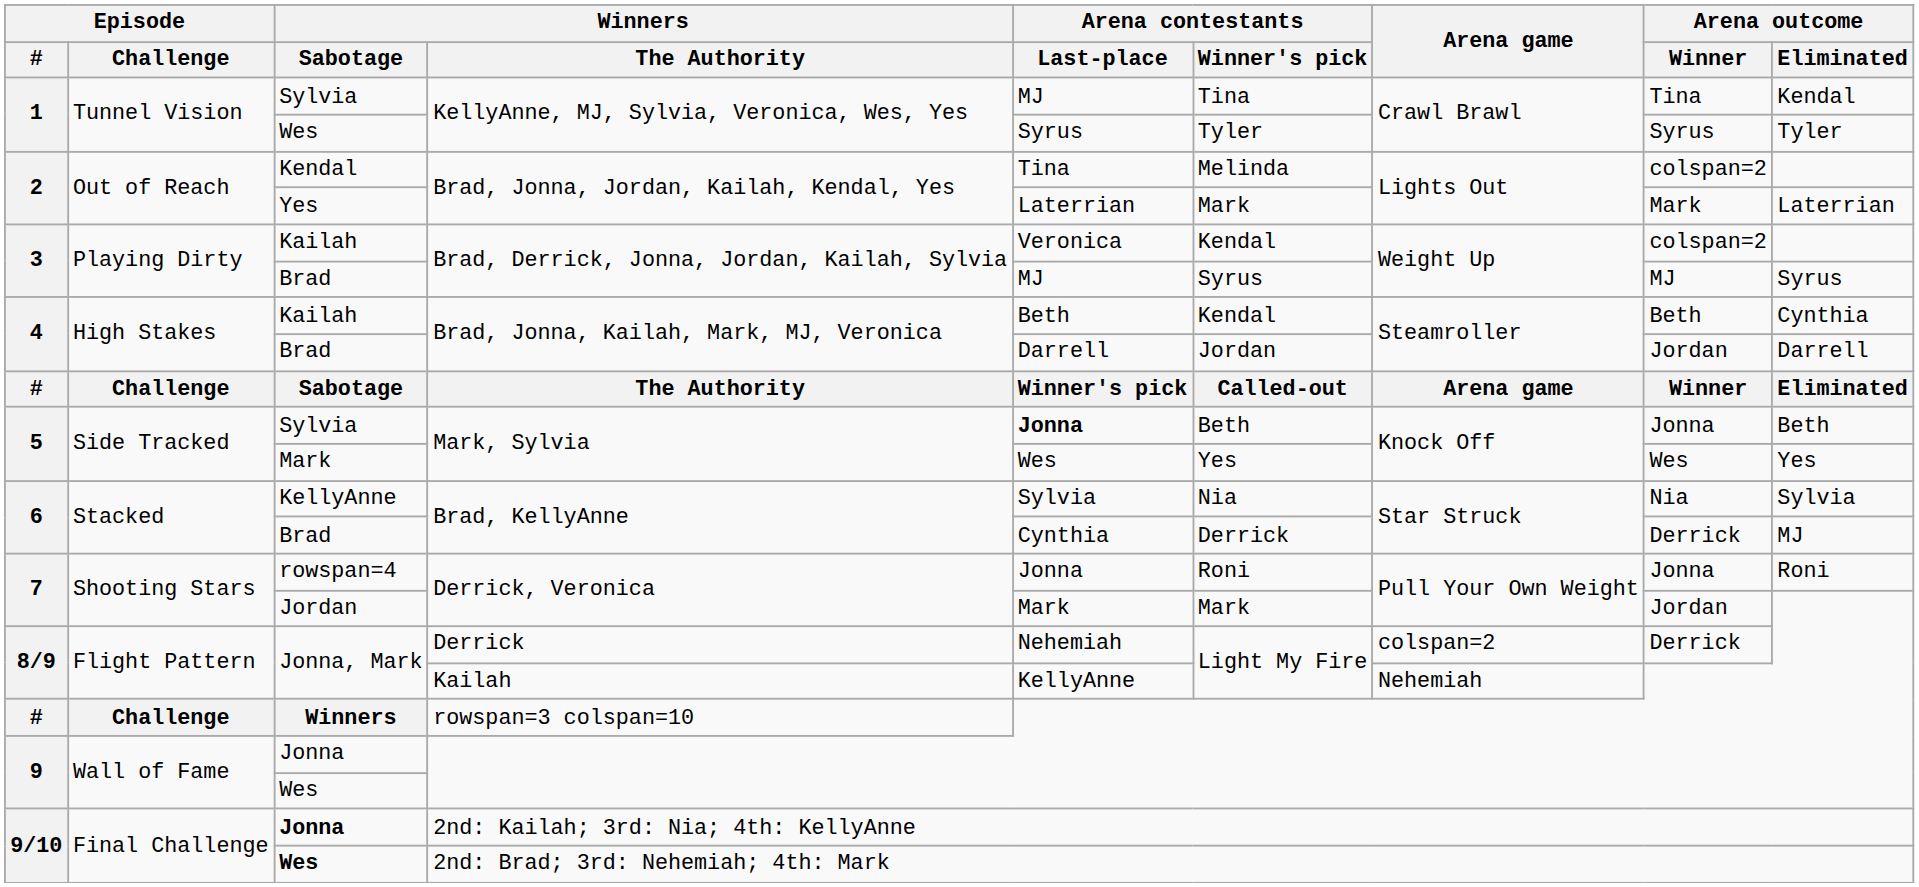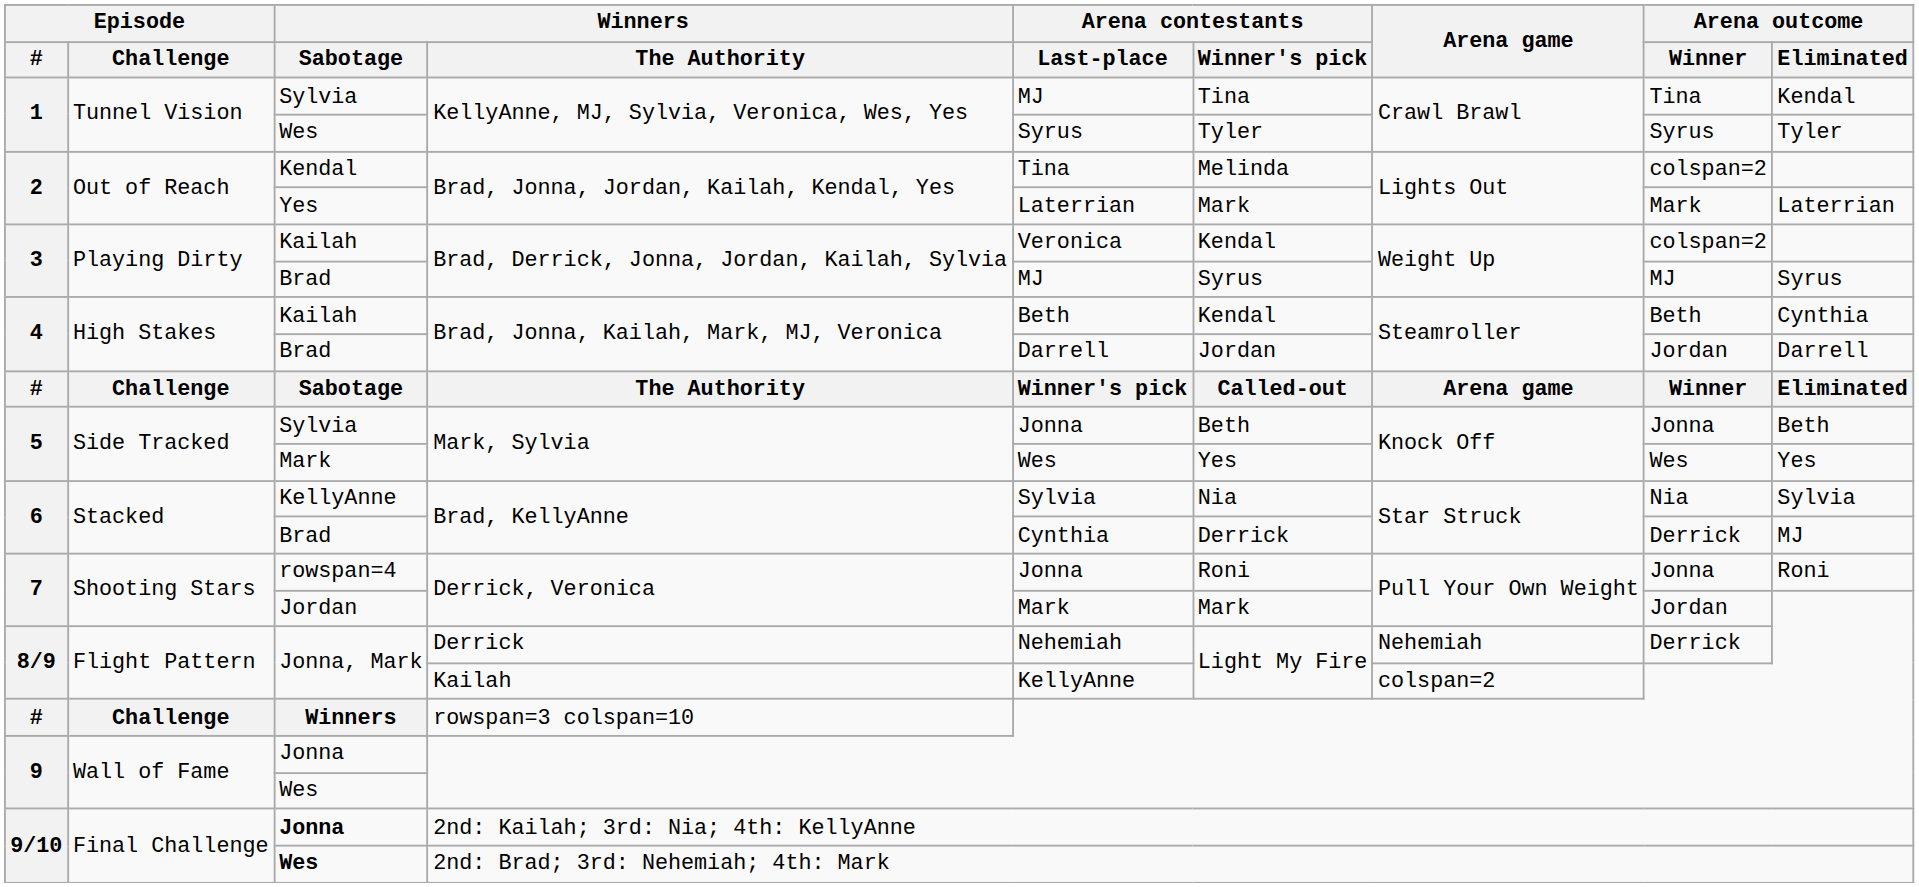 <table class="wikitable" style="font-size:90%; white-space:nowrap">
 <tr>
 <th colspan=2>Episode</th>
 <th colspan=2>Winners</th>
 <th colspan=2>Arena contestants</th>
 <th rowspan=2>Arena game</th>
 <th colspan=2>Arena outcome</th>
 </tr>
 <tr>
 <th>#</th>
 <th>Challenge</th>
 <th>Sabotage</th>
 <th>The Authority</th>
 <th>Last-place</th>
 <th>Winner's pick</th>
 <th>Winner</th>
 <th>Eliminated</th>
 </tr>
 <tr>
 <th rowspan=2>1</th>
 <td rowspan=2>Tunnel Vision</td>
 <td>Sylvia</td>
 <td rowspan=2>KellyAnne, MJ, Sylvia, Veronica, Wes, Yes</td>
 <td>MJ</td>
 <td>Tina</td>
 <td rowspan=2>Crawl Brawl</td>
 <td>Tina</td>
 <td>Kendal</td>
 </tr>
 <tr>
 <td>Wes</td>
 <td>Syrus</td>
 <td>Tyler</td>
 <td>Syrus</td>
 <td>Tyler</td>
 </tr>
 <tr>
 <th rowspan=2>2</th>
 <td rowspan=2>Out of Reach</td>
 <td>Kendal</td>
 <td rowspan=2>Brad, Jonna, Jordan, Kailah, Kendal, Yes</td>
 <td>Tina</td>
 <td>Melinda</td>
 <td rowspan=2>Lights Out</td>
 <td>colspan=2 </td>
 </tr>
 <tr>
 <td>Yes</td>
 <td>Laterrian</td>
 <td>Mark</td>
 <td>Mark</td>
 <td>Laterrian</td>
 </tr>
 <tr>
 <th rowspan=2>3</th>
 <td rowspan=2>Playing Dirty</td>
 <td>Kailah</td>
 <td rowspan=2>Brad, Derrick, Jonna, Jordan, Kailah, Sylvia</td>
 <td>Veronica</td>
 <td>Kendal</td>
 <td rowspan=2>Weight Up</td>
 <td>colspan=2 </td>
 </tr>
 <tr>
 <td>Brad</td>
 <td>MJ</td>
 <td>Syrus</td>
 <td>MJ</td>
 <td>Syrus</td>
 </tr>
 <tr>
 <th rowspan=2>4</th>
 <td rowspan=2>High Stakes</td>
 <td>Kailah</td>
 <td rowspan=2>Brad, Jonna, Kailah, Mark, MJ, Veronica</td>
 <td>Beth</td>
 <td>Kendal</td>
 <td rowspan=2>Steamroller</td>
 <td>Beth</td>
 <td>Cynthia</td>
 </tr>
 <tr>
 <td>Brad</td>
 <td>Darrell</td>
 <td>Jordan</td>
 <td>Jordan</td>
 <td>Darrell</td>
 </tr>
 <tr>
 <th>#</th>
 <th>Challenge</th>
 <th>Sabotage</th>
 <th>The Authority</th>
 <th>Winner's pick</th>
 <th>Called-out</th>
 <th>Arena game</th>
 <th>Winner</th>
 <th>Eliminated</th>
 </tr>
 <tr>
 <th rowspan=2>5</th>
 <td rowspan=2>Side Tracked</td>
 <td>Sylvia</td>
 <td rowspan=2>Mark, Sylvia</td>
-<td><strong>Jonna</strong></td>
+<td>Jonna</td>
 <td>Beth</td>
 <td rowspan=2>Knock Off</td>
 <td>Jonna</td>
 <td>Beth</td>
 </tr>
 <tr>
 <td>Mark</td>
 <td>Wes</td>
 <td>Yes</td>
 <td>Wes</td>
 <td>Yes</td>
 </tr>
 <tr>
 <th rowspan=2>6</th>
 <td rowspan=2>Stacked</td>
 <td>KellyAnne</td>
 <td rowspan=2>Brad, KellyAnne</td>
 <td>Sylvia</td>
 <td>Nia</td>
 <td rowspan=2>Star Struck</td>
 <td>Nia</td>
 <td>Sylvia</td>
 </tr>
 <tr>
 <td>Brad</td>
 <td>Cynthia</td>
 <td>Derrick</td>
 <td>Derrick</td>
 <td>MJ</td>
 </tr>
 <tr>
 <th rowspan=2>7</th>
 <td rowspan=2>Shooting Stars</td>
 <td>rowspan=4 </td>
 <td rowspan=2>Derrick, Veronica</td>
 <td>Jonna</td>
 <td>Roni</td>
 <td rowspan=2>Pull Your Own Weight</td>
 <td>Jonna</td>
 <td>Roni</td>
 </tr>
 <tr>
 <td>Jordan</td>
 <td>Mark</td>
 <td>Mark</td>
 <td>Jordan</td>
 </tr>
 <tr>
 <th rowspan=2>8/9</th>
 <td rowspan=2>Flight Pattern</td>
 <td rowspan=2>Jonna, Mark</td>
 <td>Derrick</td>
 <td>Nehemiah</td>
 <td rowspan=2>Light My Fire</td>
-<td>colspan=2 </td>
+<td>Nehemiah</td>
 <td>Derrick</td>
 </tr>
 <tr>
 <td>Kailah</td>
 <td>KellyAnne</td>
-<td>Nehemiah</td>
+<td>colspan=2 </td>
 </tr>
 <tr>
 <th>#</th>
 <th>Challenge</th>
 <th>Winners</th>
 <td>rowspan=3 colspan=10 </td>
 </tr>
 <tr>
 <th rowspan="2">9</th>
 <td rowspan=2>Wall of Fame</td>
 <td>Jonna</td>
 </tr>
 <tr>
 <td>Wes</td>
 </tr>
 <tr>
 <th rowspan="2">9/10</th>
 <td rowspan="2">Final Challenge</td>
 <td><strong>Jonna</strong></td>
 <td colspan="6">2nd: Kailah; 3rd: Nia; 4th: KellyAnne</td>
 </tr>
 <tr>
 <td><strong>Wes</strong></td>
 <td colspan="6">2nd: Brad; 3rd: Nehemiah; 4th: Mark</td>
 </tr>
 </table>
